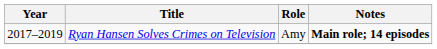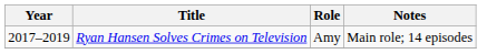 <table class="wikitable sortable">
 <tr>
 <th>Year</th>
 <th>Title</th>
 <th>Role</th>
 <th class="unsortable">Notes</th>
 </tr>
 <tr>
 <td>2017–2019</td>
 <td><em><a href='#'>Ryan Hansen Solves Crimes on Television</a></em></td>
 <td>Amy</td>
-<td><strong>Main role; 14 episodes</strong></td>
+<td>Main role; 14 episodes</td>
 </tr>
 <tr>
 </tr>
 </table>
